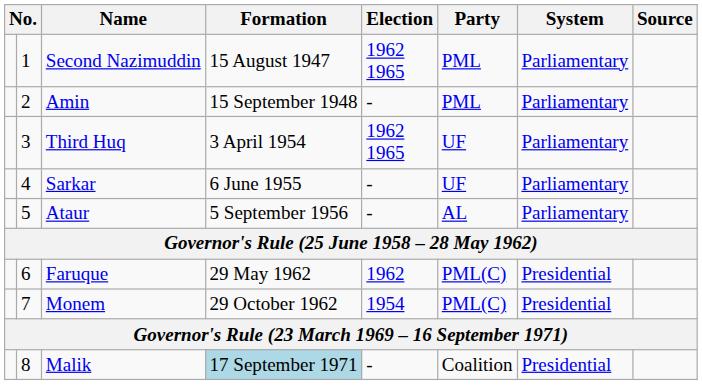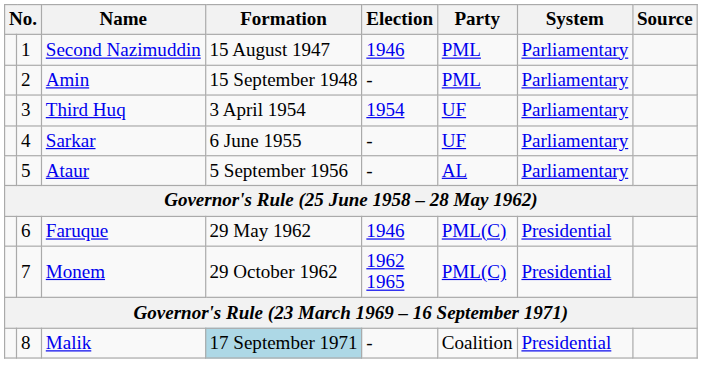 <table class="wikitable sortable">
 <tr>
 <th colspan=2>No.</th>
 <th>Name</th>
 <th>Formation</th>
 <th>Election</th>
 <th>Party</th>
 <th>System</th>
 <th>Source</th>
 </tr>
 <tr>
 <td align=center style="background-color:"></td>
 <td>1</td>
 <td><a href='#'>Second Nazimuddin</a></td>
 <td>15 August 1947</td>
-<td><a href='#'>1962</a><br><a href='#'>1965</a></td>
+<td><a href='#'>1946</a></td>
 <td><a href='#'>PML</a></td>
 <td><a href='#'>Parliamentary</a></td>
 <td></td>
 </tr>
 <tr>
 <td align=center style="background-color:"></td>
 <td>2</td>
 <td><a href='#'>Amin</a></td>
 <td>15 September 1948</td>
 <td>-</td>
 <td><a href='#'>PML</a></td>
 <td><a href='#'>Parliamentary</a></td>
 <td></td>
 </tr>
 <tr>
 <td align=center style="background-color:"></td>
 <td>3</td>
 <td><a href='#'>Third Huq</a></td>
 <td>3 April 1954</td>
-<td><a href='#'>1962</a><br><a href='#'>1965</a></td>
+<td><a href='#'>1954</a></td>
 <td><a href='#'>UF</a></td>
 <td><a href='#'>Parliamentary</a></td>
 <td></td>
 </tr>
 <tr>
 <td align=center style="background-color:"></td>
 <td>4</td>
 <td><a href='#'>Sarkar</a></td>
 <td>6 June 1955</td>
 <td>-</td>
 <td><a href='#'>UF</a></td>
 <td><a href='#'>Parliamentary</a></td>
 <td></td>
 </tr>
 <tr>
 <td align=center style="background-color:"></td>
 <td>5</td>
 <td><a href='#'>Ataur</a></td>
 <td>5 September 1956</td>
 <td>-</td>
 <td><a href='#'>AL</a></td>
 <td><a href='#'>Parliamentary</a></td>
 <td></td>
 </tr>
 <tr>
 <th colspan=8><em>Governor's Rule (25 June 1958 – 28 May 1962)</em></th>
 </tr>
 <tr>
 <td align=center style="background-color:"></td>
 <td>6</td>
 <td><a href='#'>Faruque</a></td>
 <td>29 May 1962</td>
-<td><a href='#'>1962</a></td>
+<td><a href='#'>1946</a></td>
 <td><a href='#'>PML(C)</a></td>
 <td><a href='#'>Presidential</a></td>
 <td></td>
 </tr>
 <tr>
 <td align=center style="background-color:"></td>
 <td>7</td>
 <td><a href='#'>Monem</a></td>
 <td>29 October 1962</td>
-<td><a href='#'>1954</a></td>
+<td><a href='#'>1962</a><br><a href='#'>1965</a></td>
 <td><a href='#'>PML(C)</a></td>
 <td><a href='#'>Presidential</a></td>
 <td></td>
 </tr>
 <tr>
 <th colspan=8><em>Governor's Rule (23 March 1969 – 16 September 1971)</em></th>
 </tr>
 <tr>
 <td align=center style="background-color:"></td>
 <td>8</td>
 <td><a href='#'>Malik</a></td>
 <td style="background: lightblue;">17 September 1971</td>
 <td>-</td>
 <td>Coalition</td>
 <td><a href='#'>Presidential</a></td>
 <td></td>
 </tr>
 </table>
